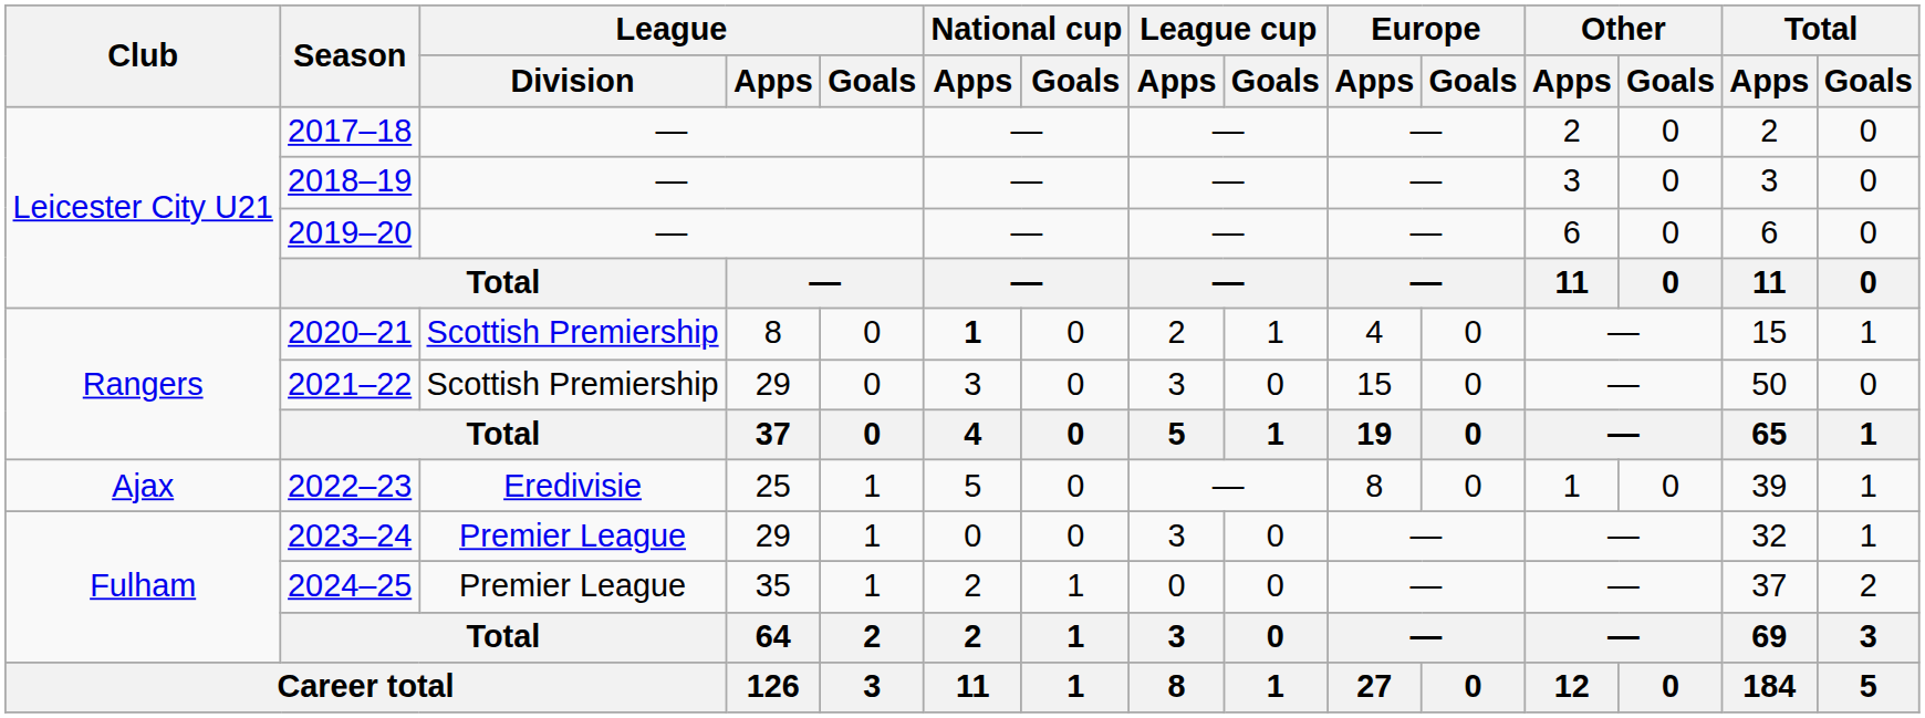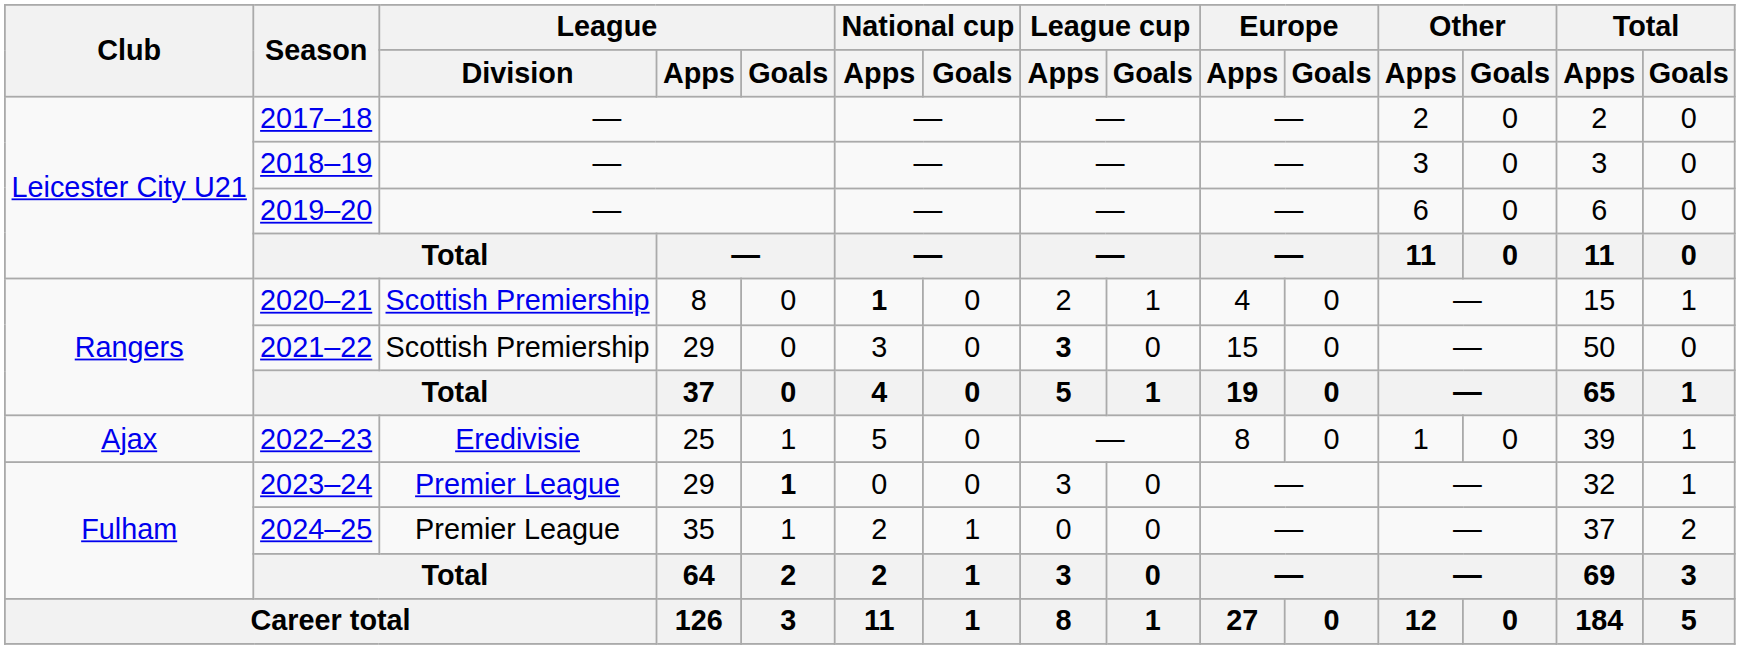 <table class="wikitable" style="text-align:center">
 <tr>
 <th rowspan="2">Club</th>
 <th rowspan="2">Season</th>
 <th colspan="3">League</th>
 <th colspan="2">National cup</th>
 <th colspan="2">League cup</th>
 <th colspan="2">Europe</th>
 <th colspan="2">Other</th>
 <th colspan="2">Total</th>
 </tr>
 <tr>
 <th>Division</th>
 <th>Apps</th>
 <th>Goals</th>
 <th>Apps</th>
 <th>Goals</th>
 <th>Apps</th>
 <th>Goals</th>
 <th>Apps</th>
 <th>Goals</th>
 <th>Apps</th>
 <th>Goals</th>
 <th>Apps</th>
 <th>Goals</th>
 </tr>
 <tr>
 <td rowspan="4"><a href='#'>Leicester City U21</a></td>
 <td><a href='#'>2017–18</a></td>
 <td colspan="3">—</td>
 <td colspan="2">—</td>
 <td colspan="2">—</td>
 <td colspan="2">—</td>
 <td>2</td>
 <td>0</td>
 <td>2</td>
 <td>0</td>
 </tr>
 <tr>
 <td><a href='#'>2018–19</a></td>
 <td colspan="3">—</td>
 <td colspan="2">—</td>
 <td colspan="2">—</td>
 <td colspan="2">—</td>
 <td>3</td>
 <td>0</td>
 <td>3</td>
 <td>0</td>
 </tr>
 <tr>
 <td><a href='#'>2019–20</a></td>
 <td colspan="3">—</td>
 <td colspan="2">—</td>
 <td colspan="2">—</td>
 <td colspan="2">—</td>
 <td>6</td>
 <td>0</td>
 <td>6</td>
 <td>0</td>
 </tr>
 <tr>
 <th colspan="2">Total</th>
 <th colspan="2">—</th>
 <th colspan="2">—</th>
 <th colspan="2">—</th>
 <th colspan="2">—</th>
 <th>11</th>
 <th>0</th>
 <th>11</th>
 <th>0</th>
 </tr>
 <tr>
 <td rowspan="3"><a href='#'>Rangers</a></td>
 <td><a href='#'>2020–21</a></td>
 <td><a href='#'>Scottish Premiership</a></td>
 <td>8</td>
 <td>0</td>
 <td><strong>1</strong></td>
 <td>0</td>
 <td>2</td>
 <td>1</td>
 <td>4</td>
 <td>0</td>
 <td colspan="2">—</td>
 <td>15</td>
 <td>1</td>
 </tr>
 <tr>
 <td><a href='#'>2021–22</a></td>
 <td>Scottish Premiership</td>
 <td>29</td>
 <td>0</td>
 <td>3</td>
 <td>0</td>
-<td>3</td>
+<td><strong>3</strong></td>
 <td>0</td>
 <td>15</td>
 <td>0</td>
 <td colspan="2">—</td>
 <td>50</td>
 <td>0</td>
 </tr>
 <tr>
 <th colspan="2">Total</th>
 <th>37</th>
 <th>0</th>
 <th>4</th>
 <th>0</th>
 <th>5</th>
 <th>1</th>
 <th>19</th>
 <th>0</th>
 <th colspan="2">—</th>
 <th>65</th>
 <th>1</th>
 </tr>
 <tr>
 <td><a href='#'>Ajax</a></td>
 <td><a href='#'>2022–23</a></td>
 <td><a href='#'>Eredivisie</a></td>
 <td>25</td>
 <td>1</td>
 <td>5</td>
 <td>0</td>
 <td colspan="2">—</td>
 <td>8</td>
 <td>0</td>
 <td>1</td>
 <td>0</td>
 <td>39</td>
 <td>1</td>
 </tr>
 <tr>
 <td rowspan="3"><a href='#'>Fulham</a></td>
 <td><a href='#'>2023–24</a></td>
 <td><a href='#'>Premier League</a></td>
 <td>29</td>
-<td>1</td>
+<td><strong>1</strong></td>
 <td>0</td>
 <td>0</td>
 <td>3</td>
 <td>0</td>
 <td colspan="2">—</td>
 <td colspan="2">—</td>
 <td>32</td>
 <td>1</td>
 </tr>
 <tr>
 <td><a href='#'>2024–25</a></td>
 <td>Premier League</td>
 <td>35</td>
 <td>1</td>
 <td>2</td>
 <td>1</td>
 <td>0</td>
 <td>0</td>
 <td colspan="2">—</td>
 <td colspan="2">—</td>
 <td>37</td>
 <td>2</td>
 </tr>
 <tr>
 <th colspan="2">Total</th>
 <th>64</th>
 <th>2</th>
 <th>2</th>
 <th>1</th>
 <th>3</th>
 <th>0</th>
 <th colspan="2">—</th>
 <th colspan="2">—</th>
 <th>69</th>
 <th>3</th>
 </tr>
 <tr>
 <th colspan="3">Career total</th>
 <th>126</th>
 <th>3</th>
 <th>11</th>
 <th>1</th>
 <th>8</th>
 <th>1</th>
 <th>27</th>
 <th>0</th>
 <th>12</th>
 <th>0</th>
 <th>184</th>
 <th>5</th>
 </tr>
 </table>
